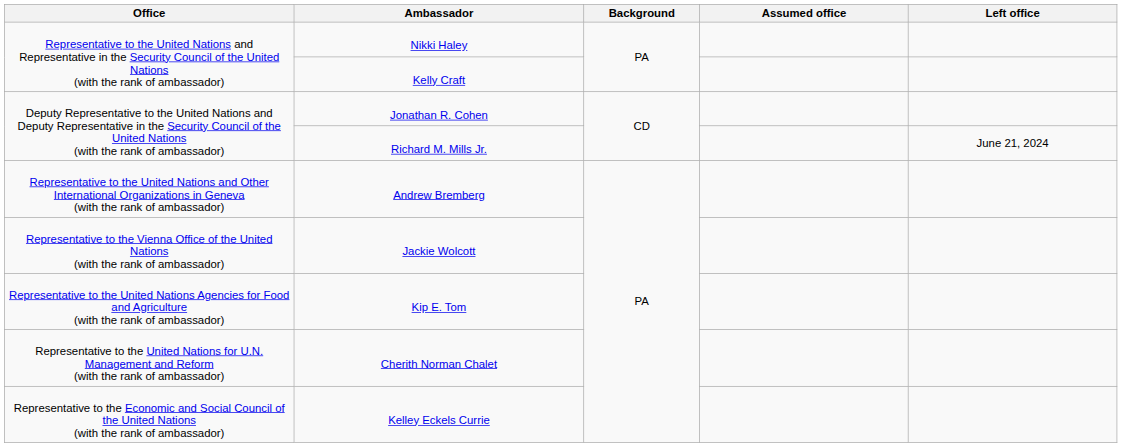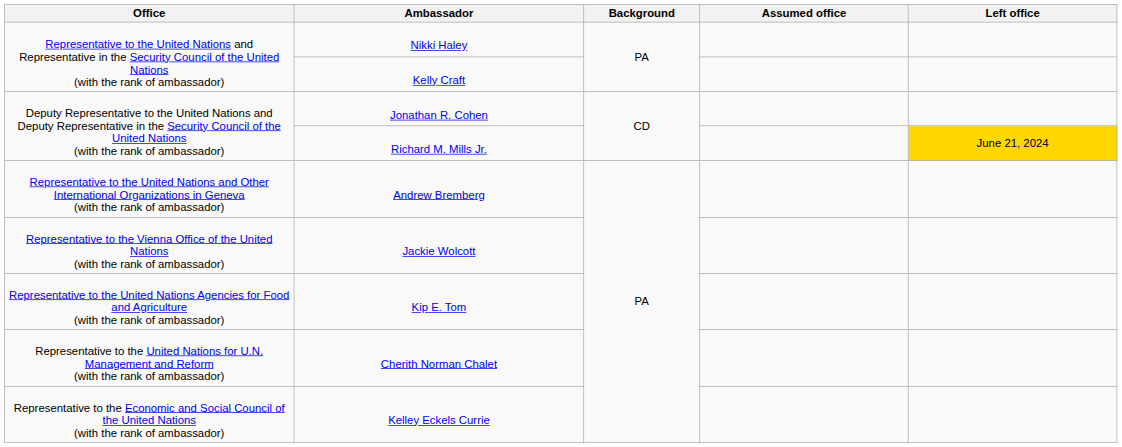 <table class="wikitable sortable" style="text-align:center">
 <tr>
 <th style="width:25%;">Office</th>
 <th style="width:25%;">Ambassador</th>
 <th style="width:10%;">Background</th>
 <th style="width:18%;">Assumed office</th>
 <th style="width:18%;">Left office</th>
 </tr>
 <tr>
 <td rowspan="2"><br><a href='#'>Representative to the United Nations</a> and<br>Representative in the <a href='#'>Security Council of the United Nations</a><br>(with the rank of ambassador)</td>
 <td data-sort-value=Haley, Nikki><br><a href='#'>Nikki Haley</a></td>
 <td rowspan="2">PA</td>
 <td><br></td>
 <td></td>
 </tr>
 <tr>
 <td data-sort-value=Craft, Kelly><br><a href='#'>Kelly Craft</a></td>
 <td><br></td>
 <td></td>
 </tr>
 <tr>
 <td rowspan="2"><br>Deputy Representative to the United Nations and<br>Deputy Representative in the <a href='#'>Security Council of the United Nations</a><br>(with the rank of ambassador)</td>
 <td data-sort-value=Cohen, Jonathan R.><br><a href='#'>Jonathan R. Cohen</a></td>
 <td rowspan="2">CD</td>
 <td><br></td>
 <td></td>
 </tr>
 <tr>
 <td data-sort-value=Mills, Richard M. Jr.><br><a href='#'>Richard M. Mills Jr.</a></td>
 <td><br></td>
-<td>June 21, 2024</td>
+<td style="background: gold;">June 21, 2024</td>
 </tr>
 <tr>
 <td><br><a href='#'>Representative to the United Nations and Other International Organizations in Geneva</a><br>(with the rank of ambassador)</td>
 <td data-sort-value=Bremberg, Andrew><br><a href='#'>Andrew Bremberg</a></td>
 <td rowspan="5">PA</td>
 <td><br></td>
 <td></td>
 </tr>
 <tr>
 <td><br><a href='#'>Representative to the Vienna Office of the United Nations</a><br>(with the rank of ambassador)</td>
 <td data-sort-value=Wolcott, Jackie><br><a href='#'>Jackie Wolcott</a></td>
 <td><br></td>
 <td></td>
 </tr>
 <tr>
 <td><br><a href='#'>Representative to the United Nations Agencies for Food and Agriculture</a><br>(with the rank of ambassador)</td>
 <td data-sort-value=Tom, Kip E.><br><a href='#'>Kip E. Tom</a></td>
 <td><br></td>
 <td></td>
 </tr>
 <tr>
 <td><br>Representative to the <a href='#'>United Nations for U.N. Management and Reform</a><br>(with the rank of ambassador)</td>
 <td data-sort-value=Chalet, Cherith Norman><br><a href='#'>Cherith Norman Chalet</a></td>
 <td><br></td>
 <td></td>
 </tr>
 <tr>
 <td><br>Representative to the <a href='#'>Economic and Social Council of the United Nations</a><br>(with the rank of ambassador)</td>
 <td data-sort-value=Currie, Kelley Eckels><br><a href='#'>Kelley Eckels Currie</a></td>
 <td><br></td>
 <td></td>
 </tr>
 </table>
